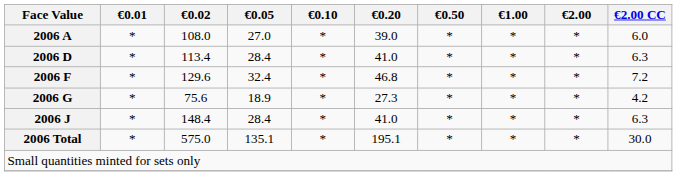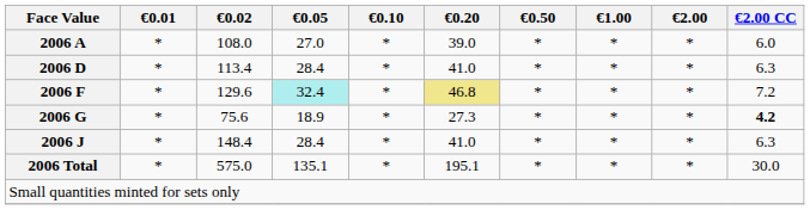 <table class="wikitable" style="text-align:center">
 <tr>
 <th align=left width=110px>Face Value</th>
 <th align=left width=70px>€0.01</th>
 <th align=left width=70px>€0.02</th>
 <th align=left width=70px>€0.05</th>
 <th align=left width=70px>€0.10</th>
 <th align=left width=70px>€0.20</th>
 <th align=left width=70px>€0.50</th>
 <th align=left width=70px>€1.00</th>
 <th align=left width=70px>€2.00</th>
 <th align=left width=70px><a href='#'>€2.00 CC</a></th>
 </tr>
 <tr>
 <th>2006 A</th>
 <td>*</td>
 <td>108.0</td>
 <td>27.0</td>
 <td>*</td>
 <td>39.0</td>
 <td>*</td>
 <td>*</td>
 <td>*</td>
 <td>6.0</td>
 </tr>
 <tr>
 <th>2006 D</th>
 <td>*</td>
 <td>113.4</td>
 <td>28.4</td>
 <td>*</td>
 <td>41.0</td>
 <td>*</td>
 <td>*</td>
 <td>*</td>
 <td>6.3</td>
 </tr>
 <tr>
 <th>2006 F</th>
 <td>*</td>
 <td>129.6</td>
-<td>32.4</td>
+<td style="background: paleturquoise;">32.4</td>
 <td>*</td>
-<td>46.8</td>
+<td style="background: khaki;">46.8</td>
 <td>*</td>
 <td>*</td>
 <td>*</td>
 <td>7.2</td>
 </tr>
 <tr>
 <th>2006 G</th>
 <td>*</td>
 <td>75.6</td>
 <td>18.9</td>
 <td>*</td>
 <td>27.3</td>
 <td>*</td>
 <td>*</td>
 <td>*</td>
-<td>4.2</td>
+<td><strong>4.2</strong></td>
 </tr>
 <tr>
 <th>2006 J</th>
 <td>*</td>
 <td>148.4</td>
 <td>28.4</td>
 <td>*</td>
 <td>41.0</td>
 <td>*</td>
 <td>*</td>
 <td>*</td>
 <td>6.3</td>
 </tr>
 <tr>
 <th>2006 Total</th>
 <td>*</td>
 <td>575.0</td>
 <td>135.1</td>
 <td>*</td>
 <td>195.1</td>
 <td>*</td>
 <td>*</td>
 <td>*</td>
 <td>30.0</td>
 </tr>
 <tr>
 <td align=left colspan=10> Small quantities minted for sets only</td>
 </tr>
 <tr>
 </tr>
 </table>
